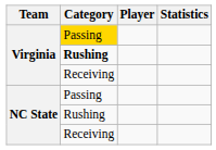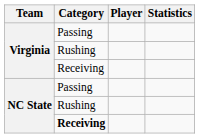 <table class="wikitable" style="float:right">
 <tr>
 <th>Team</th>
 <th>Category</th>
 <th>Player</th>
 <th>Statistics</th>
 </tr>
 <tr>
 <th rowspan=3>Virginia</th>
-<td style="background: gold;">Passing</td>
+<td>Passing</td>
 <td></td>
 <td></td>
 </tr>
 <tr>
-<td><strong>Rushing</strong></td>
+<td>Rushing</td>
 <td></td>
 <td></td>
 </tr>
 <tr>
 <td>Receiving</td>
 <td></td>
 <td></td>
 </tr>
 <tr>
 <th rowspan=3>NC State</th>
 <td>Passing</td>
 <td></td>
 <td></td>
 </tr>
 <tr>
 <td>Rushing</td>
 <td></td>
 <td></td>
 </tr>
 <tr>
-<td>Receiving</td>
+<td><strong>Receiving</strong></td>
 <td></td>
 <td></td>
 </tr>
 </table>
